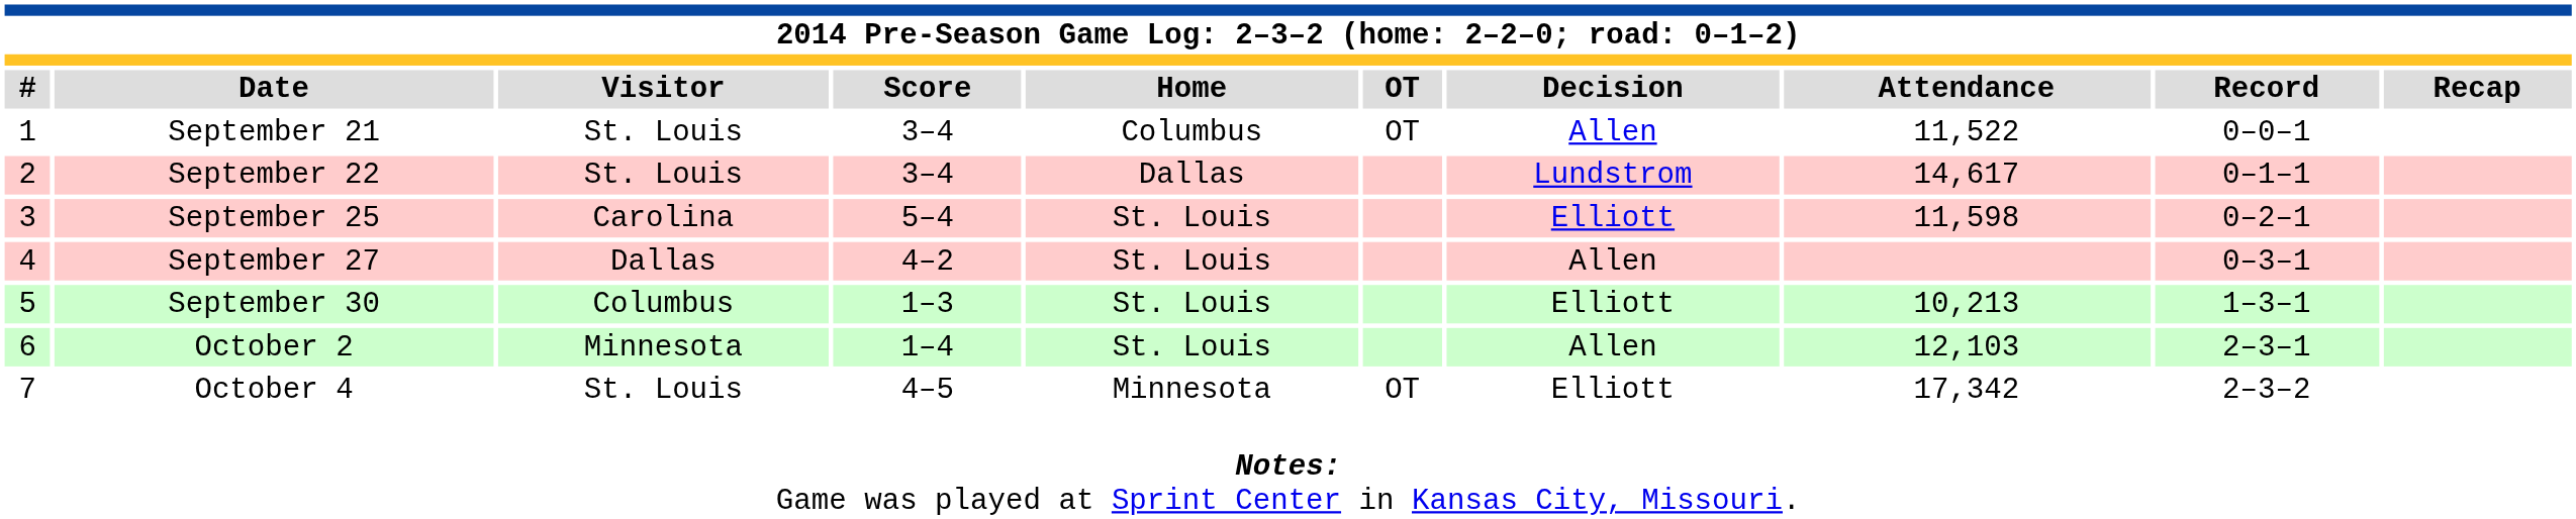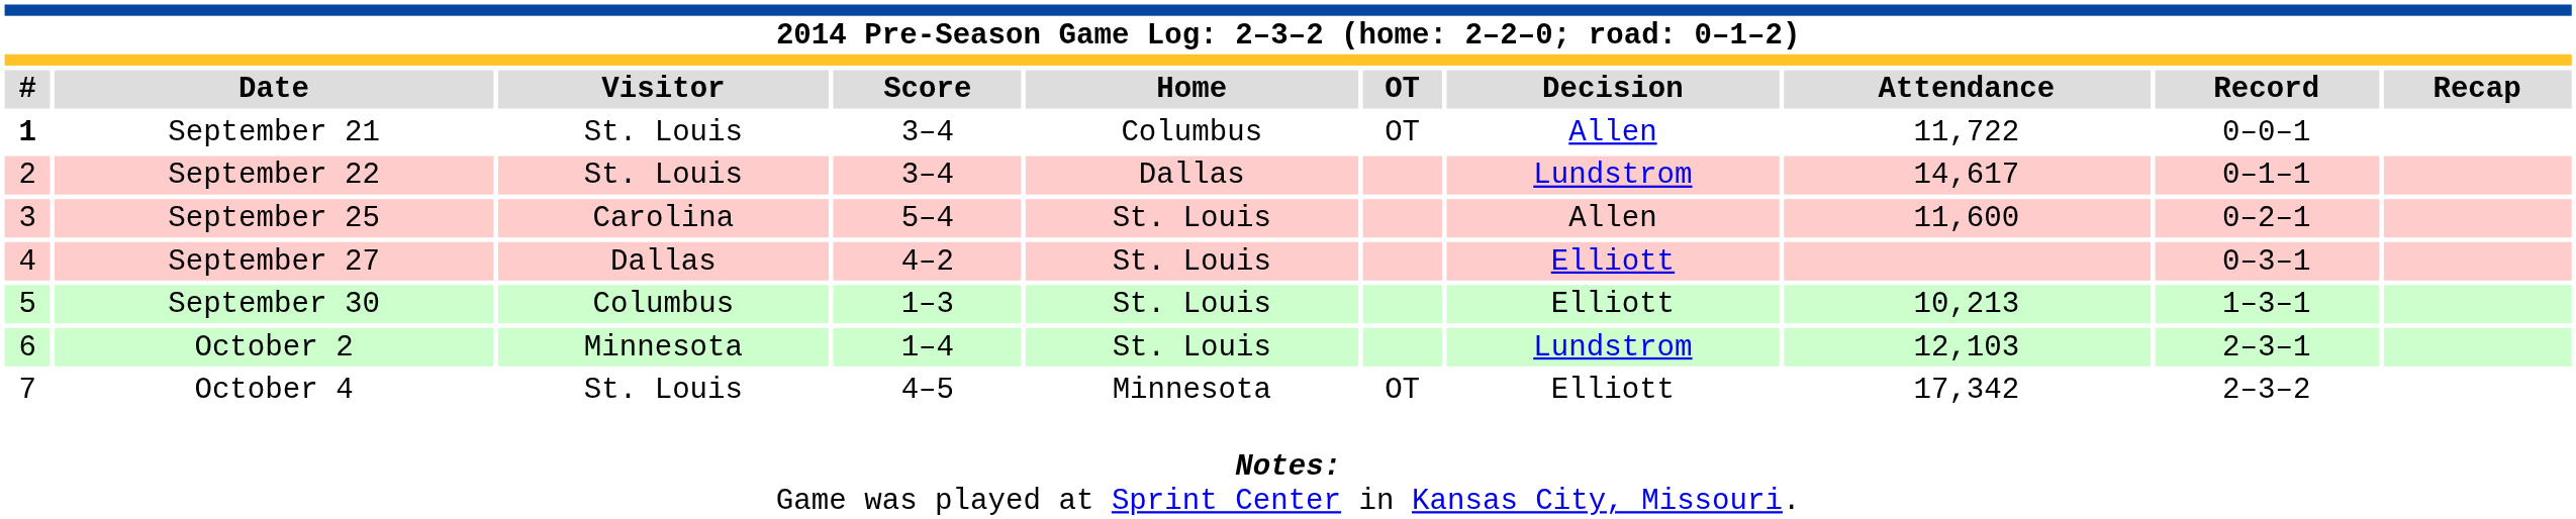 <table class="toccolours collapsible collapsed" style="width:90%; clear:both; margin:1.5em auto; text-align:center;">
 <tr>
 <th colspan=10 style="background:#fff; border-top:#0546A0 5px solid; border-bottom:#FFC325 5px solid;">2014 Pre-Season Game Log: 2–3–2 (home: 2–2–0; road: 0–1–2)</th>
 </tr>
 <tr style="text-align:center; background:#ddd;">
 <th>#</th>
 <th>Date</th>
 <th>Visitor</th>
 <th>Score</th>
 <th>Home</th>
 <th>OT</th>
 <th>Decision</th>
 <th>Attendance</th>
 <th>Record</th>
 <th>Recap</th>
 </tr>
 <tr style="text-align:center; background:#fff;">
-<td>1</td>
+<td><strong>1</strong></td>
 <td>September 21</td>
 <td>St. Louis</td>
 <td>3–4</td>
 <td>Columbus</td>
 <td>OT</td>
 <td><a href='#'>Allen</a></td>
-<td>11,522</td>
+<td>11,722</td>
 <td>0–0–1</td>
 <td></td>
 </tr>
 <tr style="text-align:center; background:#fcc;">
 <td>2</td>
 <td>September 22</td>
 <td>St. Louis</td>
 <td>3–4</td>
 <td>Dallas</td>
 <td></td>
 <td><a href='#'>Lundstrom</a></td>
 <td>14,617</td>
 <td>0–1–1</td>
 <td></td>
 </tr>
 <tr style="text-align:center; background:#fcc;">
 <td>3</td>
 <td>September 25</td>
 <td>Carolina</td>
 <td>5–4</td>
 <td>St. Louis</td>
 <td></td>
-<td><a href='#'>Elliott</a></td>
-<td>11,598</td>
+<td>Allen</td>
+<td>11,600</td>
 <td>0–2–1</td>
 <td></td>
 </tr>
 <tr style="text-align:center; background:#fcc;">
 <td>4</td>
 <td>September 27</td>
 <td>Dallas</td>
 <td>4–2</td>
 <td>St. Louis</td>
 <td></td>
-<td>Allen</td>
+<td><a href='#'>Elliott</a></td>
 <td></td>
 <td>0–3–1</td>
 <td></td>
 </tr>
 <tr style="text-align:center; background:#cfc;">
 <td>5</td>
 <td>September 30</td>
 <td>Columbus</td>
 <td>1–3</td>
 <td>St. Louis</td>
 <td></td>
 <td>Elliott</td>
 <td>10,213</td>
 <td>1–3–1</td>
 <td></td>
 </tr>
 <tr style="text-align:center; background:#cfc;">
 <td>6</td>
 <td>October 2</td>
 <td>Minnesota</td>
 <td>1–4</td>
 <td>St. Louis</td>
 <td></td>
-<td>Allen</td>
+<td><a href='#'>Lundstrom</a></td>
 <td>12,103</td>
 <td>2–3–1</td>
 <td></td>
 </tr>
 <tr style="text-align:center; background:#fff;">
 <td>7</td>
 <td>October 4</td>
 <td>St. Louis</td>
 <td>4–5</td>
 <td>Minnesota</td>
 <td>OT</td>
 <td>Elliott</td>
 <td>17,342</td>
 <td>2–3–2</td>
 <td></td>
 </tr>
 <tr>
 <td colspan="10" style="text-align:center;"><br><strong><em>Notes:</em></strong><br> Game was played at <a href='#'>Sprint Center</a> in <a href='#'>Kansas City, Missouri</a>.</td>
 </tr>
 </table>
